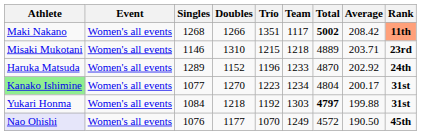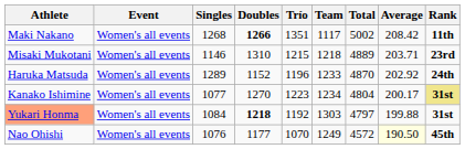 <table class="wikitable" border="1" style="font-size:90%">
 <tr>
 <th>Athlete</th>
 <th>Event</th>
 <th>Singles</th>
 <th>Doubles</th>
 <th>Trío</th>
 <th>Team</th>
 <th>Total</th>
 <th>Average</th>
 <th>Rank</th>
 </tr>
 <tr>
 <td><a href='#'>Maki Nakano</a></td>
 <td><a href='#'>Women's all events</a></td>
 <td align=center>1268</td>
-<td align=center>1266</td>
+<td align=center><strong>1266</strong></td>
 <td align=center>1351</td>
 <td align=center>1117</td>
-<td align=center><strong>5002</strong></td>
+<td align=center>5002</td>
 <td align=center>208.42</td>
-<td align=center style="background: lightsalmon;"><strong>11th</strong></td>
+<td align=center><strong>11th</strong></td>
 </tr>
 <tr>
 <td><a href='#'>Misaki Mukotani</a></td>
 <td><a href='#'>Women's all events</a></td>
 <td align=center>1146</td>
 <td align=center>1310</td>
 <td align=center>1215</td>
 <td align=center>1218</td>
 <td align=center>4889</td>
 <td align=center>203.71</td>
 <td align=center><strong>23rd</strong></td>
 </tr>
 <tr>
 <td><a href='#'>Haruka Matsuda</a></td>
 <td><a href='#'>Women's all events</a></td>
 <td align=center>1289</td>
 <td align=center>1152</td>
 <td align=center>1196</td>
 <td align=center>1233</td>
 <td align=center>4870</td>
 <td align=center>202.92</td>
 <td align=center><strong>24th</strong></td>
 </tr>
 <tr>
-<td style="background: lightgreen;"><a href='#'>Kanako Ishimine</a></td>
+<td><a href='#'>Kanako Ishimine</a></td>
 <td><a href='#'>Women's all events</a></td>
 <td align=center>1077</td>
 <td align=center>1270</td>
 <td align=center>1223</td>
 <td align=center>1234</td>
 <td align=center>4804</td>
 <td align=center>200.17</td>
-<td align=center><strong>31st</strong></td>
+<td align=center style="background: khaki;"><strong>31st</strong></td>
 </tr>
 <tr>
-<td><a href='#'>Yukari Honma</a></td>
+<td style="background: lightsalmon;"><a href='#'>Yukari Honma</a></td>
 <td><a href='#'>Women's all events</a></td>
 <td align=center>1084</td>
-<td align=center>1218</td>
+<td align=center><strong>1218</strong></td>
 <td align=center>1192</td>
 <td align=center>1303</td>
-<td align=center><strong>4797</strong></td>
+<td align=center>4797</td>
 <td align=center>199.88</td>
 <td align=center><strong>31st</strong></td>
 </tr>
 <tr>
-<td style="background: lavender;"><a href='#'>Nao Ohishi</a></td>
+<td><a href='#'>Nao Ohishi</a></td>
 <td><a href='#'>Women's all events</a></td>
 <td align=center>1076</td>
 <td align=center>1177</td>
 <td align=center>1070</td>
 <td align=center>1249</td>
 <td align=center>4572</td>
-<td align=center>190.50</td>
+<td align=center style="background: lightyellow;">190.50</td>
 <td align=center><strong>45th</strong></td>
 </tr>
 </table>
